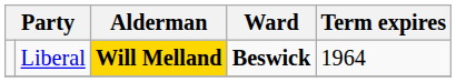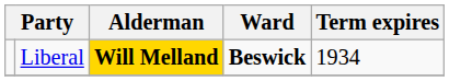 <table class="wikitable">
 <tr>
 <th colspan="2">Party</th>
 <th>Alderman</th>
 <th>Ward</th>
 <th>Term expires</th>
 </tr>
 <tr>
 <td style="background-color:"></td>
 <td><a href='#'>Liberal</a></td>
 <td style="background: gold;"><strong>Will Melland</strong></td>
 <td><strong>Beswick</strong></td>
-<td>1964</td>
+<td>1934</td>
 </tr>
 <tr>
 </tr>
 </table>
